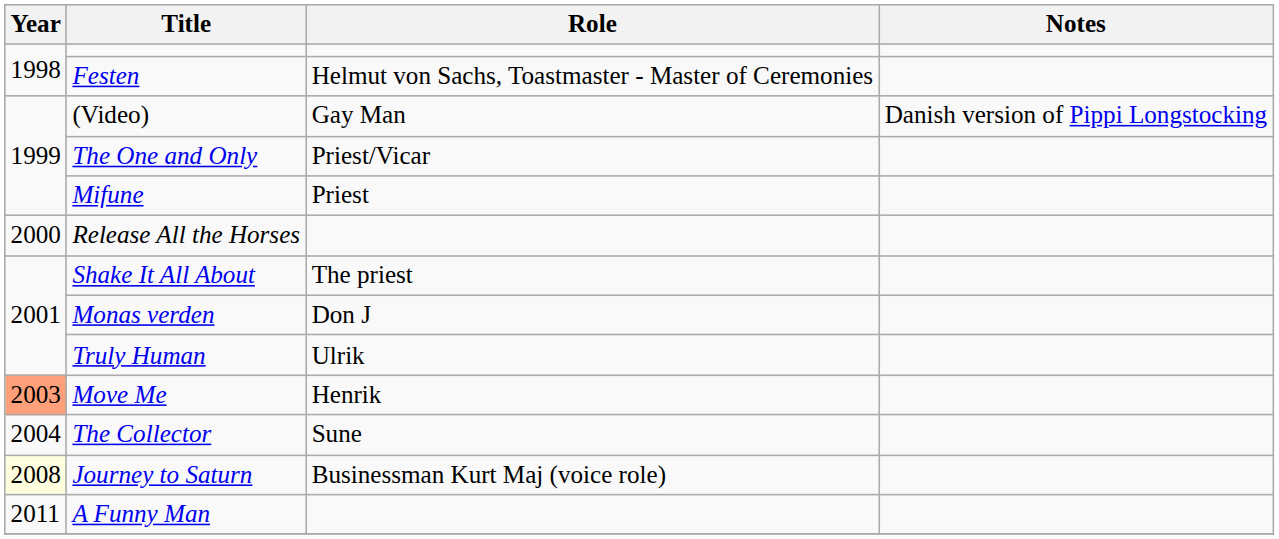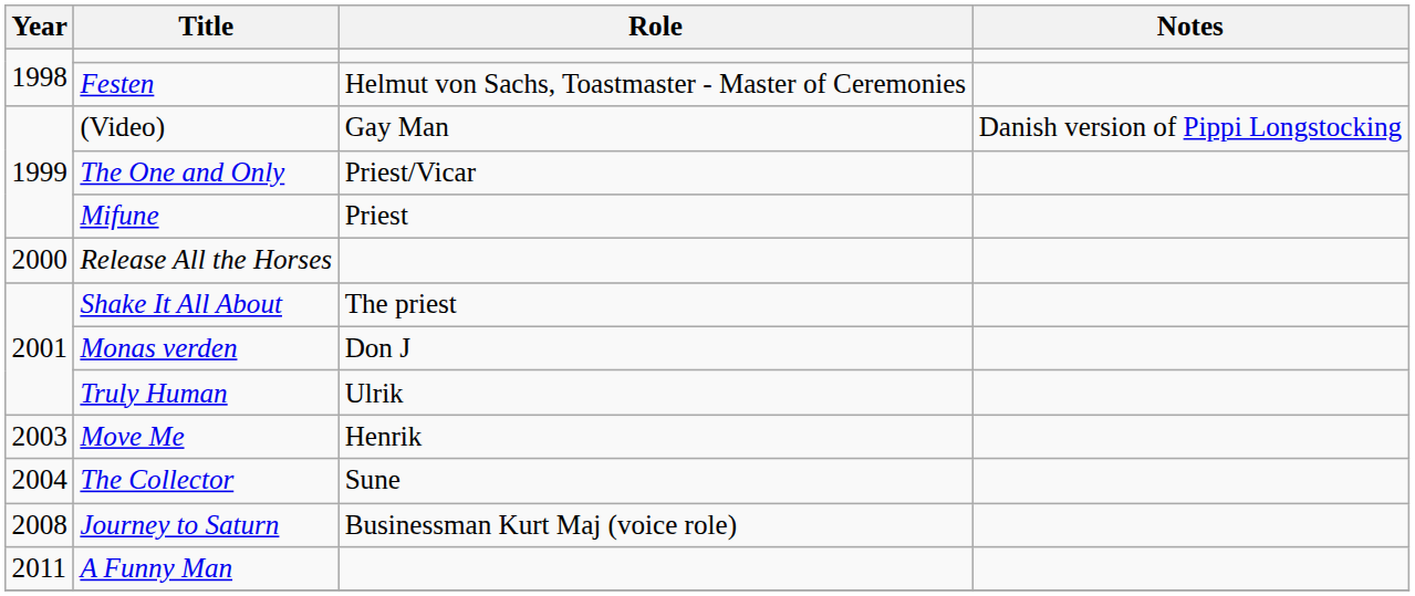 <table class="wikitable sortable">
 <tr>
 <th>Year</th>
 <th>Title</th>
 <th>Role</th>
 <th>Notes</th>
 </tr>
 <tr>
 <td rowspan=2>1998</td>
 <td></td>
 <td></td>
 <td></td>
 </tr>
 <tr>
 <td><em><a href='#'>Festen</a></em></td>
 <td>Helmut von Sachs, Toastmaster - Master of Ceremonies</td>
 <td></td>
 </tr>
 <tr>
 <td rowspan=3>1999</td>
 <td> (Video)</td>
 <td>Gay Man</td>
 <td>Danish version of <a href='#'>Pippi Longstocking</a></td>
 </tr>
 <tr>
 <td><em><a href='#'>The One and Only</a></em></td>
 <td>Priest/Vicar</td>
 <td></td>
 </tr>
 <tr>
 <td><em><a href='#'>Mifune</a></em></td>
 <td>Priest</td>
 <td></td>
 </tr>
 <tr>
 <td>2000</td>
 <td><em>Release All the Horses</em></td>
 <td></td>
 <td></td>
 </tr>
 <tr>
 <td rowspan=3>2001</td>
 <td><em><a href='#'>Shake It All About</a></em></td>
 <td>The priest</td>
 <td></td>
 </tr>
 <tr>
 <td><em><a href='#'>Monas verden</a></em></td>
 <td>Don J</td>
 <td></td>
 </tr>
 <tr>
 <td><em><a href='#'>Truly Human</a></em></td>
 <td>Ulrik</td>
 <td></td>
 </tr>
 <tr>
-<td style="background: lightsalmon;">2003</td>
+<td>2003</td>
 <td><em><a href='#'>Move Me</a></em></td>
 <td>Henrik</td>
 <td></td>
 </tr>
 <tr>
 <td>2004</td>
 <td><em><a href='#'>The Collector</a></em></td>
 <td>Sune</td>
 <td></td>
 </tr>
 <tr>
-<td style="background: lightyellow;">2008</td>
+<td>2008</td>
 <td><em><a href='#'>Journey to Saturn</a></em></td>
 <td>Businessman Kurt Maj (voice role)</td>
 <td></td>
 </tr>
 <tr>
 <td>2011</td>
 <td><em><a href='#'>A Funny Man</a></em></td>
 <td></td>
 <td></td>
 </tr>
 <tr>
 </tr>
 </table>
